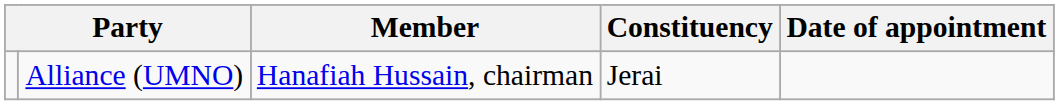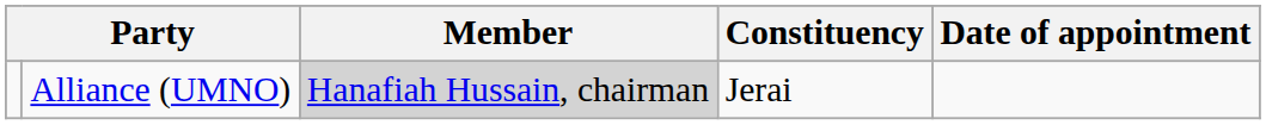 <table class=wikitable>
 <tr>
 <th colspan=2>Party</th>
 <th>Member</th>
 <th>Constituency</th>
 <th>Date of appointment</th>
 </tr>
 <tr>
 <td></td>
 <td><a href='#'>Alliance</a> (<a href='#'>UMNO</a>)</td>
-<td><a href='#'>Hanafiah Hussain</a>, chairman</td>
+<td style="background: lightgrey;"><a href='#'>Hanafiah Hussain</a>, chairman</td>
 <td>Jerai</td>
 <td></td>
 </tr>
 </table>
